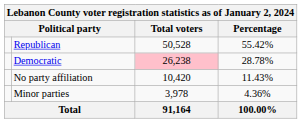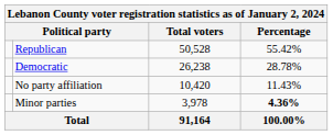 <table class=wikitable>
 <tr>
 <th colspan = 6>Lebanon County voter registration statistics as of January 2, 2024</th>
 </tr>
 <tr>
 <th colspan = 2>Political party</th>
 <th>Total voters</th>
 <th>Percentage</th>
 </tr>
 <tr>
 <td></td>
 <td><a href='#'>Republican</a></td>
 <td align = center>50,528</td>
 <td align = center>55.42%</td>
 </tr>
 <tr>
 <td></td>
 <td><a href='#'>Democratic</a></td>
-<td align = center style="background: pink;">26,238</td>
+<td align = center>26,238</td>
 <td align = center>28.78%</td>
 </tr>
 <tr>
 <td></td>
 <td>No party affiliation</td>
 <td align = center>10,420</td>
 <td align = center>11.43%</td>
 </tr>
 <tr>
 <td></td>
 <td>Minor parties</td>
 <td align = center>3,978</td>
-<td align = center>4.36%</td>
+<td align = center><strong>4.36%</strong></td>
 </tr>
 <tr>
 <th colspan = 2>Total</th>
 <th align = center>91,164</th>
 <th align = center>100.00%</th>
 </tr>
 </table>
